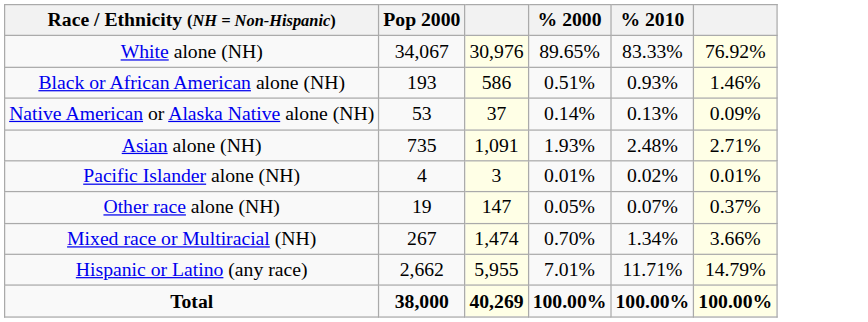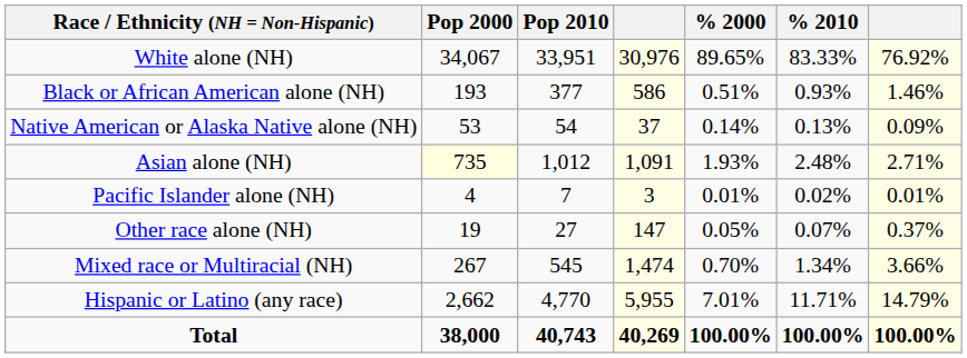 <table class="wikitable"  style="text-align:center;">
 <tr>
 <th>Race / Ethnicity <small>(<em>NH = Non-Hispanic</em>)</small></th>
 <th>Pop 2000</th>
+<th>Pop 2010</th>
 <th></th>
 <th>% 2000</th>
 <th>% 2010</th>
 <th></th>
 </tr>
 <tr>
 <td><a href='#'>White</a> alone (NH)</td>
 <td>34,067</td>
+<td>33,951</td>
 <td style='background: #ffffe6;'>30,976</td>
 <td>89.65%</td>
 <td>83.33%</td>
 <td style='background: #ffffe6;'>76.92%</td>
 </tr>
 <tr>
 <td><a href='#'>Black or African American</a> alone (NH)</td>
 <td>193</td>
+<td>377</td>
 <td style='background: #ffffe6;'>586</td>
 <td>0.51%</td>
 <td>0.93%</td>
 <td style='background: #ffffe6;'>1.46%</td>
 </tr>
 <tr>
 <td><a href='#'>Native American</a> or <a href='#'>Alaska Native</a> alone (NH)</td>
 <td>53</td>
+<td>54</td>
 <td style='background: #ffffe6;'>37</td>
 <td>0.14%</td>
 <td>0.13%</td>
 <td style='background: #ffffe6;'>0.09%</td>
 </tr>
 <tr>
 <td><a href='#'>Asian</a> alone (NH)</td>
-<td>735</td>
+<td style="background: lightyellow;">735</td>
+<td>1,012</td>
 <td style='background: #ffffe6;'>1,091</td>
 <td>1.93%</td>
 <td>2.48%</td>
 <td style='background: #ffffe6;'>2.71%</td>
 </tr>
 <tr>
 <td><a href='#'>Pacific Islander</a> alone (NH)</td>
 <td>4</td>
+<td>7</td>
 <td style='background: #ffffe6;'>3</td>
 <td>0.01%</td>
 <td>0.02%</td>
 <td style='background: #ffffe6;'>0.01%</td>
 </tr>
 <tr>
 <td><a href='#'>Other race</a> alone (NH)</td>
 <td>19</td>
+<td>27</td>
 <td style='background: #ffffe6;'>147</td>
 <td>0.05%</td>
 <td>0.07%</td>
 <td style='background: #ffffe6;'>0.37%</td>
 </tr>
 <tr>
 <td><a href='#'>Mixed race or Multiracial</a> (NH)</td>
 <td>267</td>
+<td>545</td>
 <td style='background: #ffffe6;'>1,474</td>
 <td>0.70%</td>
 <td>1.34%</td>
 <td style='background: #ffffe6;'>3.66%</td>
 </tr>
 <tr>
 <td><a href='#'>Hispanic or Latino</a> (any race)</td>
 <td>2,662</td>
+<td>4,770</td>
 <td style='background: #ffffe6;'>5,955</td>
 <td>7.01%</td>
 <td>11.71%</td>
 <td style='background: #ffffe6;'>14.79%</td>
 </tr>
 <tr>
 <td><strong>Total</strong></td>
 <td><strong>38,000</strong></td>
+<td><strong>40,743</strong></td>
 <td style='background: #ffffe6;'><strong>40,269</strong></td>
 <td><strong>100.00%</strong></td>
 <td><strong>100.00%</strong></td>
 <td style='background: #ffffe6;'><strong>100.00%</strong></td>
 </tr>
 </table>
